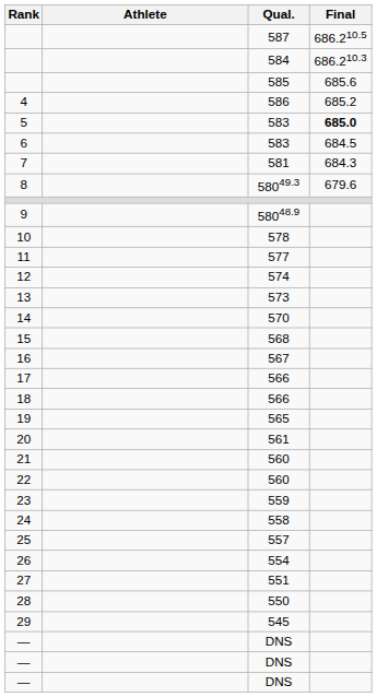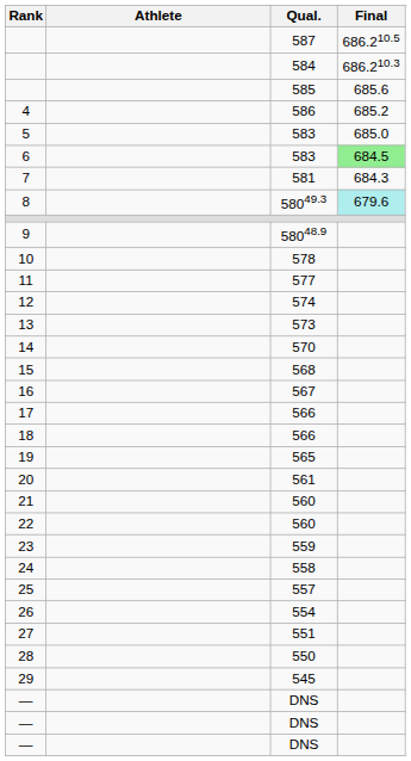 <table class="wikitable" style="text-align:center">
 <tr>
 <th width=40>Rank</th>
 <th width=250>Athlete</th>
 <th width=70>Qual.</th>
 <th width=70>Final</th>
 </tr>
 <tr>
 <td></td>
 <td align=left></td>
 <td>587</td>
 <td>686.2<sup>10.5</sup></td>
 </tr>
 <tr>
 <td></td>
 <td align=left></td>
 <td>584</td>
 <td>686.2<sup>10.3</sup></td>
 </tr>
 <tr>
 <td></td>
 <td align=left></td>
 <td>585</td>
 <td>685.6</td>
 </tr>
 <tr>
 <td>4</td>
 <td align=left></td>
 <td>586</td>
 <td>685.2</td>
 </tr>
 <tr>
 <td>5</td>
 <td align=left></td>
 <td>583</td>
-<td><strong>685.0</strong></td>
+<td>685.0</td>
 </tr>
 <tr>
 <td>6</td>
 <td align=left></td>
 <td>583</td>
-<td>684.5</td>
+<td style="background: lightgreen;">684.5</td>
 </tr>
 <tr>
 <td>7</td>
 <td align=left></td>
 <td>581</td>
 <td>684.3</td>
 </tr>
 <tr>
 <td>8</td>
 <td align=left></td>
 <td>580<sup>49.3</sup></td>
-<td>679.6</td>
+<td style="background: paleturquoise;">679.6</td>
 </tr>
 <tr bgcolor=#DDDDDD>
 <td colspan=4></td>
 </tr>
 <tr>
 <td>9</td>
 <td align=left></td>
 <td>580<sup>48.9</sup></td>
 <td></td>
 </tr>
 <tr>
 <td>10</td>
 <td align=left></td>
 <td>578</td>
 <td></td>
 </tr>
 <tr>
 <td>11</td>
 <td align=left></td>
 <td>577</td>
 <td></td>
 </tr>
 <tr>
 <td>12</td>
 <td align=left></td>
 <td>574</td>
 <td></td>
 </tr>
 <tr>
 <td>13</td>
 <td align=left></td>
 <td>573</td>
 <td></td>
 </tr>
 <tr>
 <td>14</td>
 <td align=left></td>
 <td>570</td>
 <td></td>
 </tr>
 <tr>
 <td>15</td>
 <td align=left></td>
 <td>568</td>
 <td></td>
 </tr>
 <tr>
 <td>16</td>
 <td align=left></td>
 <td>567</td>
 <td></td>
 </tr>
 <tr>
 <td>17</td>
 <td align=left></td>
 <td>566</td>
 <td></td>
 </tr>
 <tr>
 <td>18</td>
 <td align=left></td>
 <td>566</td>
 <td></td>
 </tr>
 <tr>
 <td>19</td>
 <td align=left></td>
 <td>565</td>
 <td></td>
 </tr>
 <tr>
 <td>20</td>
 <td align=left></td>
 <td>561</td>
 <td></td>
 </tr>
 <tr>
 <td>21</td>
 <td align=left></td>
 <td>560</td>
 <td></td>
 </tr>
 <tr>
 <td>22</td>
 <td align=left></td>
 <td>560</td>
 <td></td>
 </tr>
 <tr>
 <td>23</td>
 <td align=left></td>
 <td>559</td>
 <td></td>
 </tr>
 <tr>
 <td>24</td>
 <td align=left></td>
 <td>558</td>
 <td></td>
 </tr>
 <tr>
 <td>25</td>
 <td align=left></td>
 <td>557</td>
 <td></td>
 </tr>
 <tr>
 <td>26</td>
 <td align=left></td>
 <td>554</td>
 <td></td>
 </tr>
 <tr>
 <td>27</td>
 <td align=left></td>
 <td>551</td>
 <td></td>
 </tr>
 <tr>
 <td>28</td>
 <td align=left></td>
 <td>550</td>
 <td></td>
 </tr>
 <tr>
 <td>29</td>
 <td align=left></td>
 <td>545</td>
 <td></td>
 </tr>
 <tr>
 <td>—</td>
 <td align=left></td>
 <td>DNS</td>
 <td></td>
 </tr>
 <tr>
 <td>—</td>
 <td align=left></td>
 <td>DNS</td>
 <td></td>
 </tr>
 <tr>
 <td>—</td>
 <td align=left></td>
 <td>DNS</td>
 <td></td>
 </tr>
 </table>
